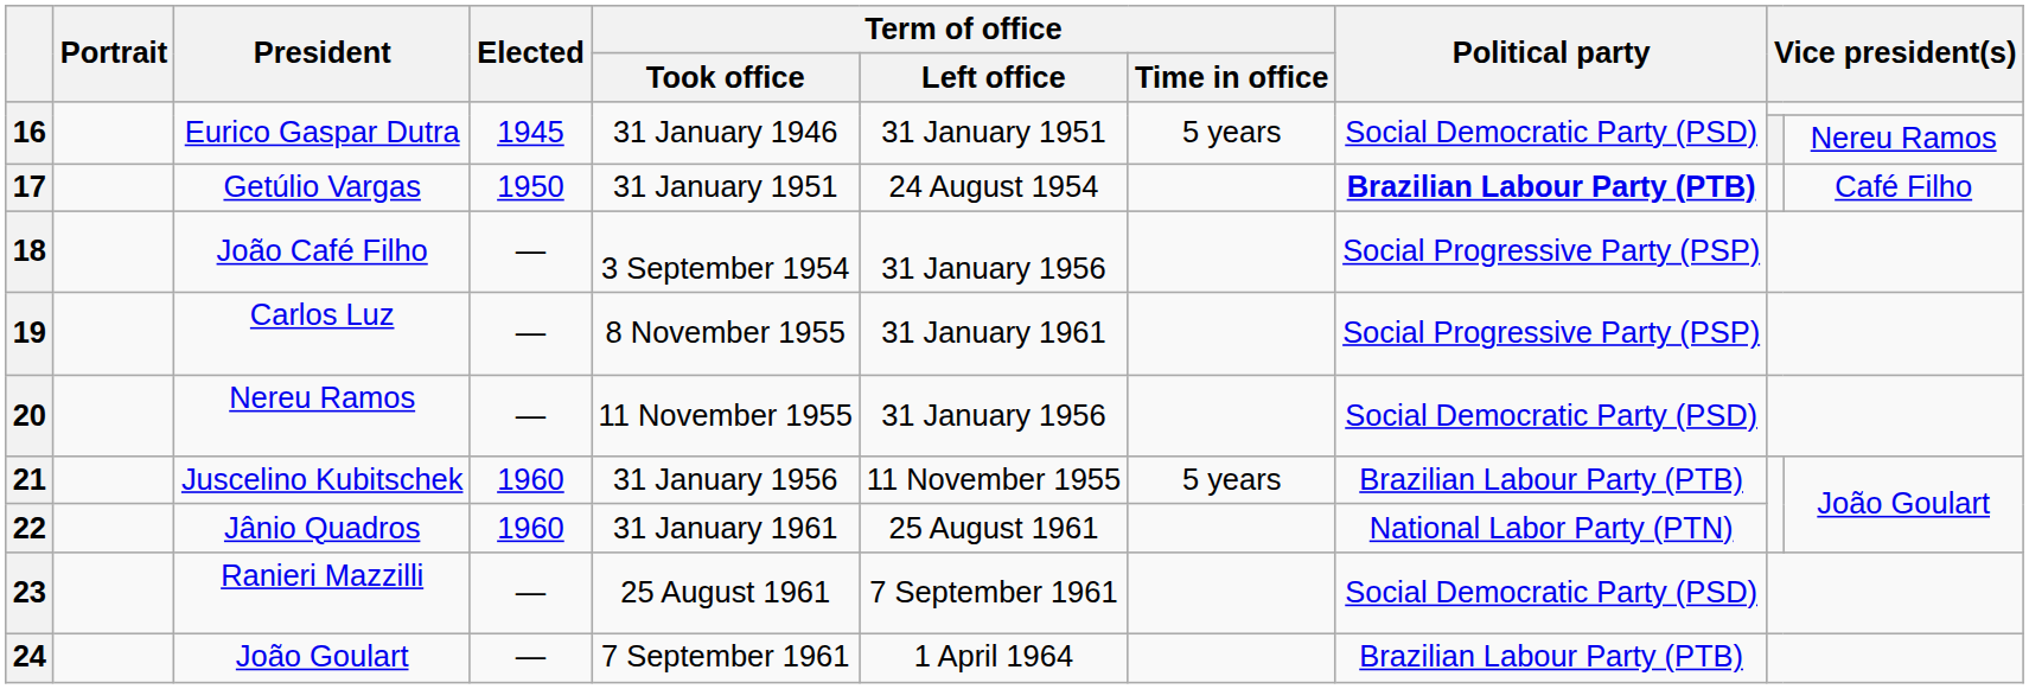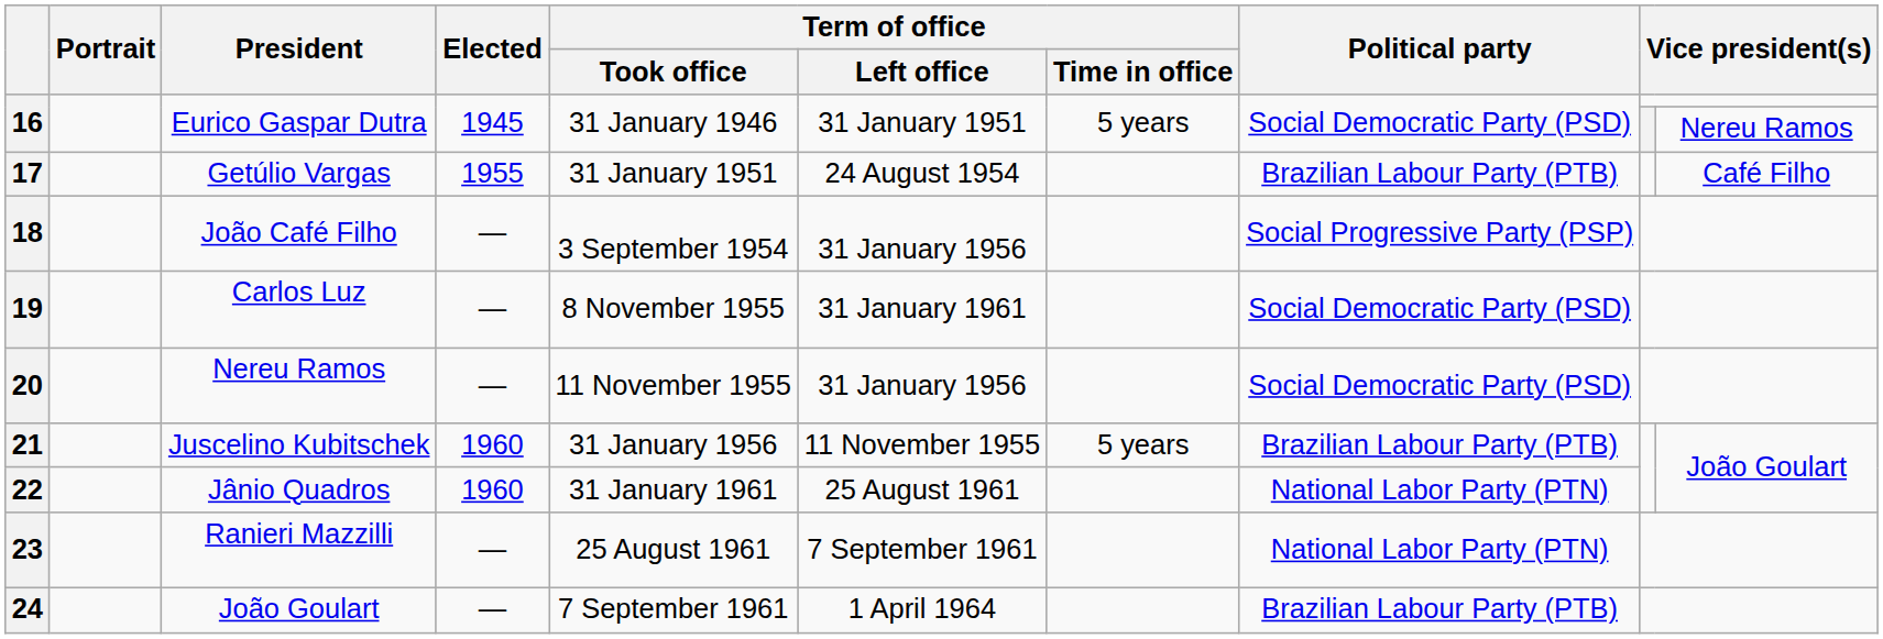 <table class=wikitable style=text-align:center>
 <tr>
 <th rowspan="2"></th>
 <th rowspan="2">Portrait</th>
 <th rowspan="2">President<br></th>
 <th rowspan="2">Elected</th>
 <th colspan="3">Term of office</th>
 <th rowspan="2">Political party</th>
 <th colspan="2" rowspan="2">Vice president(s)</th>
 </tr>
 <tr bgcolor="#cccccc">
 <th>Took office</th>
 <th>Left office</th>
 <th>Time in office</th>
 </tr>
 <tr>
 <th rowspan="2" style="background:">16</th>
 <td rowspan="2"></td>
 <td rowspan="2"><a href='#'>Eurico Gaspar Dutra</a><br></td>
 <td rowspan="2"><a href='#'>1945</a></td>
 <td rowspan="2">31 January 1946</td>
 <td rowspan="2">31 January 1951</td>
 <td rowspan="2">5 years</td>
 <td rowspan="2"><a href='#'>Social Democratic Party (PSD)</a></td>
 <td colspan="2" ></td>
 </tr>
 <tr>
 <th style="background:"></th>
 <td><a href='#'>Nereu Ramos</a><br></td>
 </tr>
 <tr>
 <th style="background:">17</th>
 <td></td>
 <td><a href='#'>Getúlio Vargas</a><br></td>
-<td><a href='#'>1950</a></td>
+<td><a href='#'>1955</a></td>
 <td>31 January 1951</td>
 <td>24 August 1954</td>
 <td></td>
-<td><strong><a href='#'>Brazilian Labour Party (PTB)</a></strong></td>
+<td><a href='#'>Brazilian Labour Party (PTB)</a></td>
 <td style="background:"></td>
 <td><a href='#'>Café Filho</a><br></td>
 </tr>
 <tr>
 <th style="background:">18</th>
 <td></td>
 <td><a href='#'>João Café Filho</a><br></td>
 <td>—</td>
 <td><br>3 September 1954</td>
 <td><br>31 January 1956</td>
 <td></td>
 <td><a href='#'>Social Progressive Party (PSP)</a></td>
 <td colspan=2 ></td>
 </tr>
 <tr>
 <th style="background:">19</th>
 <td></td>
 <td><a href='#'>Carlos Luz</a><br><br></td>
 <td>—</td>
 <td>8 November 1955</td>
 <td>31 January 1961</td>
 <td></td>
-<td><a href='#'>Social Progressive Party (PSP)</a></td>
+<td><a href='#'>Social Democratic Party (PSD)</a></td>
 <td colspan=2 ></td>
 </tr>
 <tr>
 <th style="background:">20</th>
 <td></td>
 <td><a href='#'>Nereu Ramos</a><br><br></td>
 <td>—</td>
 <td>11 November 1955</td>
 <td>31 January 1956</td>
 <td></td>
 <td><a href='#'>Social Democratic Party (PSD)</a></td>
 <td colspan=2 ></td>
 </tr>
 <tr>
 <th style="background:">21</th>
 <td></td>
 <td><a href='#'>Juscelino Kubitschek</a><br></td>
 <td><a href='#'>1960</a></td>
 <td>31 January 1956</td>
 <td>11 November 1955</td>
 <td>5 years</td>
 <td><a href='#'>Brazilian Labour Party (PTB)</a></td>
 <td rowspan=2 style="background:"></td>
 <td rowspan=2><a href='#'>João Goulart</a><br></td>
 </tr>
 <tr>
 <th style="background:">22</th>
 <td></td>
 <td><a href='#'>Jânio Quadros</a><br></td>
 <td><a href='#'>1960</a></td>
 <td>31 January 1961</td>
 <td>25 August 1961</td>
 <td></td>
 <td><a href='#'>National Labor Party (PTN)</a></td>
 </tr>
 <tr>
 <th style="background:">23</th>
 <td></td>
 <td><a href='#'>Ranieri Mazzilli</a><br><br></td>
 <td>—</td>
 <td>25 August 1961</td>
 <td>7 September 1961</td>
 <td></td>
-<td><a href='#'>Social Democratic Party (PSD)</a></td>
+<td><a href='#'>National Labor Party (PTN)</a></td>
 <td colspan=2 ></td>
 </tr>
 <tr>
 <th style="background:">24</th>
 <td></td>
 <td><a href='#'>João Goulart</a><br></td>
 <td>—</td>
 <td>7 September 1961</td>
 <td>1 April 1964</td>
 <td></td>
 <td><a href='#'>Brazilian Labour Party (PTB)</a></td>
 <td colspan=2 ></td>
 </tr>
 </table>
